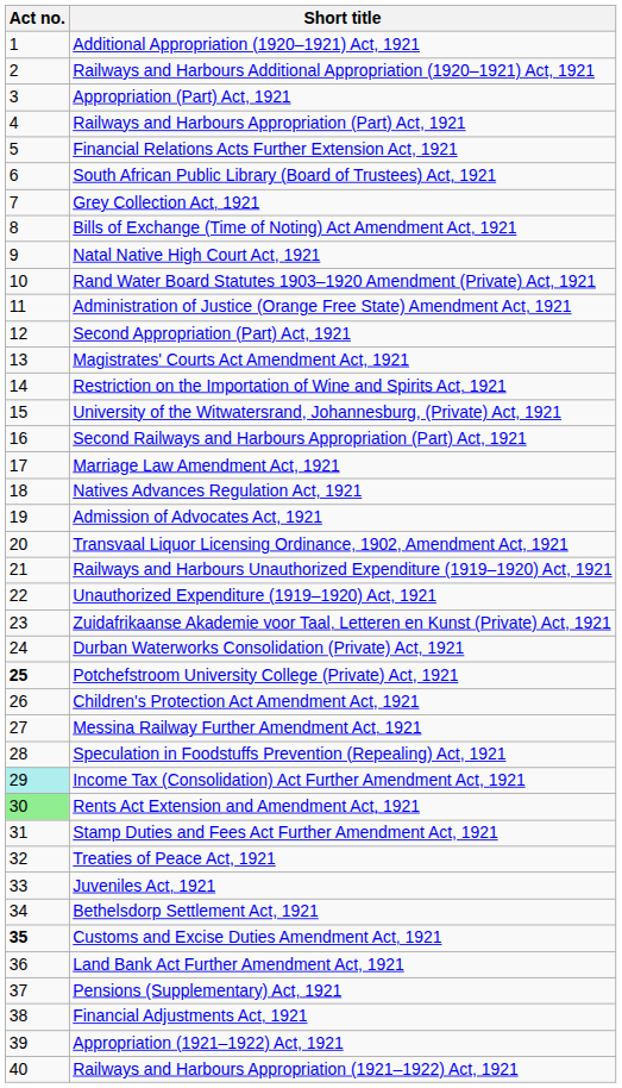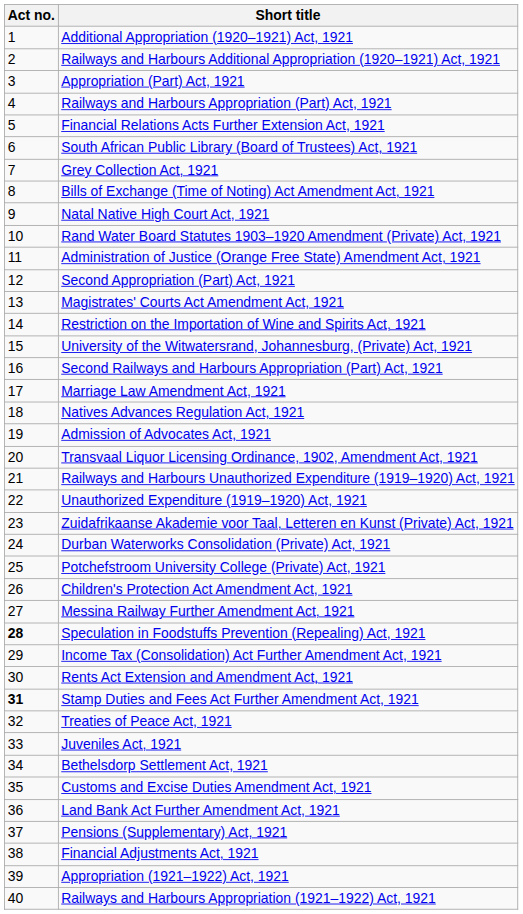 <table class="wikitable sortable">
 <tr>
 <th>Act no.</th>
 <th>Short title</th>
 </tr>
 <tr>
 <td>1</td>
 <td><a href='#'>Additional Appropriation (1920–1921) Act, 1921</a></td>
 </tr>
 <tr>
 <td>2</td>
 <td><a href='#'>Railways and Harbours Additional Appropriation (1920–1921) Act, 1921</a></td>
 </tr>
 <tr>
 <td>3</td>
 <td><a href='#'>Appropriation (Part) Act, 1921</a></td>
 </tr>
 <tr>
 <td>4</td>
 <td><a href='#'>Railways and Harbours Appropriation (Part) Act, 1921</a></td>
 </tr>
 <tr>
 <td>5</td>
 <td><a href='#'>Financial Relations Acts Further Extension Act, 1921</a></td>
 </tr>
 <tr>
 <td>6</td>
 <td><a href='#'>South African Public Library (Board of Trustees) Act, 1921</a></td>
 </tr>
 <tr>
 <td>7</td>
 <td><a href='#'>Grey Collection Act, 1921</a></td>
 </tr>
 <tr>
 <td>8</td>
 <td><a href='#'>Bills of Exchange (Time of Noting) Act Amendment Act, 1921</a></td>
 </tr>
 <tr>
 <td>9</td>
 <td><a href='#'>Natal Native High Court Act, 1921</a></td>
 </tr>
 <tr>
 <td>10</td>
 <td><a href='#'>Rand Water Board Statutes 1903–1920 Amendment (Private) Act, 1921</a></td>
 </tr>
 <tr>
 <td>11</td>
 <td><a href='#'>Administration of Justice (Orange Free State) Amendment Act, 1921</a></td>
 </tr>
 <tr>
 <td>12</td>
 <td><a href='#'>Second Appropriation (Part) Act, 1921</a></td>
 </tr>
 <tr>
 <td>13</td>
 <td><a href='#'>Magistrates' Courts Act Amendment Act, 1921</a></td>
 </tr>
 <tr>
 <td>14</td>
 <td><a href='#'>Restriction on the Importation of Wine and Spirits Act, 1921</a></td>
 </tr>
 <tr>
 <td>15</td>
 <td><a href='#'>University of the Witwatersrand, Johannesburg, (Private) Act, 1921</a></td>
 </tr>
 <tr>
 <td>16</td>
 <td><a href='#'>Second Railways and Harbours Appropriation (Part) Act, 1921</a></td>
 </tr>
 <tr>
 <td>17</td>
 <td><a href='#'>Marriage Law Amendment Act, 1921</a></td>
 </tr>
 <tr>
 <td>18</td>
 <td><a href='#'>Natives Advances Regulation Act, 1921</a></td>
 </tr>
 <tr>
 <td>19</td>
 <td><a href='#'>Admission of Advocates Act, 1921</a></td>
 </tr>
 <tr>
 <td>20</td>
 <td><a href='#'>Transvaal Liquor Licensing Ordinance, 1902, Amendment Act, 1921</a></td>
 </tr>
 <tr>
 <td>21</td>
 <td><a href='#'>Railways and Harbours Unauthorized Expenditure (1919–1920) Act, 1921</a></td>
 </tr>
 <tr>
 <td>22</td>
 <td><a href='#'>Unauthorized Expenditure (1919–1920) Act, 1921</a></td>
 </tr>
 <tr>
 <td>23</td>
 <td><a href='#'>Zuidafrikaanse Akademie voor Taal, Letteren en Kunst (Private) Act, 1921</a></td>
 </tr>
 <tr>
 <td>24</td>
 <td><a href='#'>Durban Waterworks Consolidation (Private) Act, 1921</a></td>
 </tr>
 <tr>
-<td><strong>25</strong></td>
+<td>25</td>
 <td><a href='#'>Potchefstroom University College (Private) Act, 1921</a></td>
 </tr>
 <tr>
 <td>26</td>
 <td><a href='#'>Children's Protection Act Amendment Act, 1921</a></td>
 </tr>
 <tr>
 <td>27</td>
 <td><a href='#'>Messina Railway Further Amendment Act, 1921</a></td>
 </tr>
 <tr>
-<td>28</td>
+<td><strong>28</strong></td>
 <td><a href='#'>Speculation in Foodstuffs Prevention (Repealing) Act, 1921</a></td>
 </tr>
 <tr>
-<td style="background: paleturquoise;">29</td>
+<td>29</td>
 <td><a href='#'>Income Tax (Consolidation) Act Further Amendment Act, 1921</a></td>
 </tr>
 <tr>
-<td style="background: lightgreen;">30</td>
+<td>30</td>
 <td><a href='#'>Rents Act Extension and Amendment Act, 1921</a></td>
 </tr>
 <tr>
-<td>31</td>
+<td><strong>31</strong></td>
 <td><a href='#'>Stamp Duties and Fees Act Further Amendment Act, 1921</a></td>
 </tr>
 <tr>
 <td>32</td>
 <td><a href='#'>Treaties of Peace Act, 1921</a></td>
 </tr>
 <tr>
 <td>33</td>
 <td><a href='#'>Juveniles Act, 1921</a></td>
 </tr>
 <tr>
 <td>34</td>
 <td><a href='#'>Bethelsdorp Settlement Act, 1921</a></td>
 </tr>
 <tr>
-<td><strong>35</strong></td>
+<td>35</td>
 <td><a href='#'>Customs and Excise Duties Amendment Act, 1921</a></td>
 </tr>
 <tr>
 <td>36</td>
 <td><a href='#'>Land Bank Act Further Amendment Act, 1921</a></td>
 </tr>
 <tr>
 <td>37</td>
 <td><a href='#'>Pensions (Supplementary) Act, 1921</a></td>
 </tr>
 <tr>
 <td>38</td>
 <td><a href='#'>Financial Adjustments Act, 1921</a></td>
 </tr>
 <tr>
 <td>39</td>
 <td><a href='#'>Appropriation (1921–1922) Act, 1921</a></td>
 </tr>
 <tr>
 <td>40</td>
 <td><a href='#'>Railways and Harbours Appropriation (1921–1922) Act, 1921</a></td>
 </tr>
 </table>
